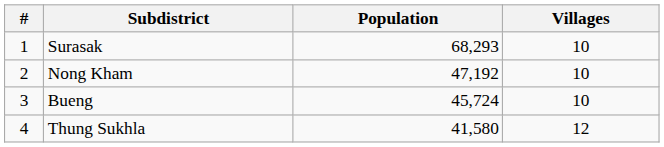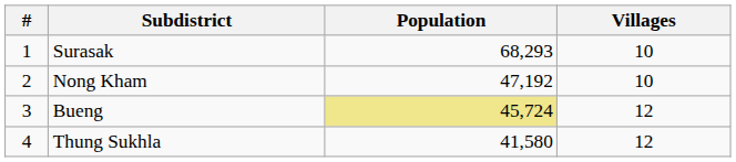 <table class="wikitable" style="width:48%; display:inline-table;">
 <tr>
 <th>#</th>
 <th>Subdistrict</th>
 <th>Population</th>
 <th>Villages</th>
 </tr>
 <tr>
 <td style="text-align:center;">1</td>
 <td>Surasak</td>
 <td style="text-align:right;">68,293</td>
 <td style="text-align:center;">10</td>
 </tr>
 <tr>
 <td style="text-align:center;">2</td>
 <td>Nong Kham</td>
 <td style="text-align:right;">47,192</td>
 <td style="text-align:center;">10</td>
 </tr>
 <tr>
 <td style="text-align:center;">3</td>
 <td>Bueng</td>
-<td style="text-align:right;">45,724</td>
-<td style="text-align:center;">10</td>
+<td style="background: khaki; text-align:right;">45,724</td>
+<td style="text-align:center;">12</td>
 </tr>
 <tr>
 <td style="text-align:center;">4</td>
 <td>Thung Sukhla</td>
 <td style="text-align:right;">41,580</td>
 <td style="text-align:center;">12</td>
 </tr>
 </table>
